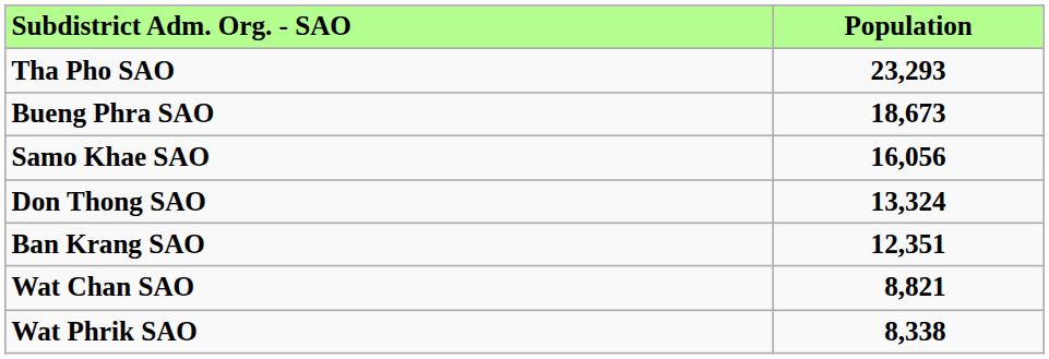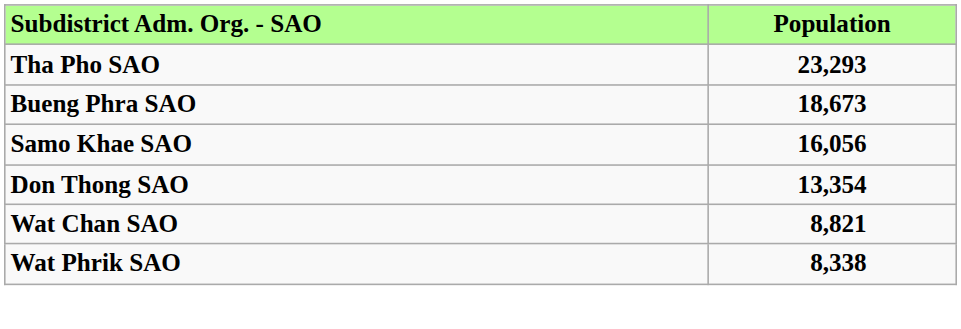 <table class="wikitable" style="width:48%; display:inline-table;">
 <tr>
 <th scope="col" style= "width=74%; background: #b4ff90; text-align:left;"><strong>Subdistrict Adm. Org. - SAO</strong></th>
 <th scope="col" style= "width:26%; background: #b4ff90; text-align:center;"><strong>Population</strong></th>
 </tr>
 <tr>
 <td><strong>Tha Pho SAO</strong></td>
 <td style="text-align:center;"><strong>23,293</strong></td>
 </tr>
 <tr>
 <td><strong>Bueng Phra SAO</strong></td>
 <td style="text-align:center;"><strong>18,673</strong></td>
 </tr>
 <tr>
 <td><strong>Samo Khae SAO</strong></td>
 <td style="text-align:center;"><strong>16,056</strong></td>
 </tr>
 <tr>
 <td><strong>Don Thong SAO</strong></td>
-<td style="text-align:center;"><strong>13,324</strong></td>
-</tr>
-<tr>
-<td><strong>Ban Krang SAO</strong></td>
-<td style="text-align:center;"><strong>12,351</strong></td>
+<td style="text-align:center;"><strong>13,354</strong></td>
 </tr>
 <tr>
 <td><strong>Wat Chan SAO</strong></td>
 <td style="text-align:center;">  <strong>8,821</strong></td>
 </tr>
 <tr>
 <td><strong>Wat Phrik SAO</strong></td>
 <td style="text-align:center;">  <strong>8,338</strong></td>
 </tr>
 </table>
